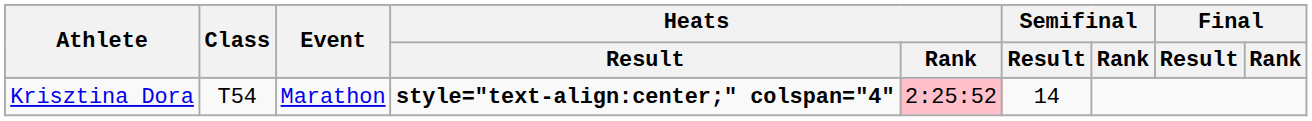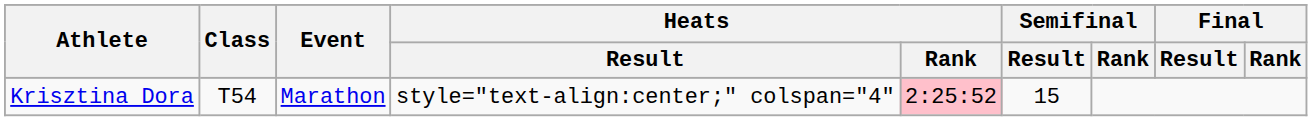 <table class=wikitable style="font-size:90%">
 <tr>
 <th rowspan="2">Athlete</th>
 <th rowspan="2">Class</th>
 <th rowspan="2">Event</th>
 <th colspan="2">Heats</th>
 <th colspan="2">Semifinal</th>
 <th colspan="2">Final</th>
 </tr>
 <tr>
 <th>Result</th>
 <th>Rank</th>
 <th>Result</th>
 <th>Rank</th>
 <th>Result</th>
 <th>Rank</th>
 </tr>
 <tr>
 <td><a href='#'>Krisztina Dora</a></td>
 <td style="text-align:center;">T54</td>
 <td><a href='#'>Marathon</a></td>
-<td><strong>style="text-align:center;" colspan="4" </strong></td>
+<td>style="text-align:center;" colspan="4" </td>
 <td style="background: pink; text-align:center;">2:25:52</td>
-<td style="text-align:center;">14</td>
+<td style="text-align:center;">15</td>
 </tr>
 </table>
